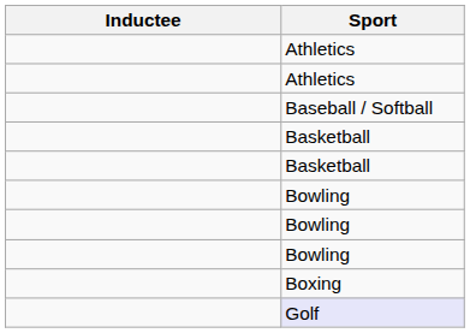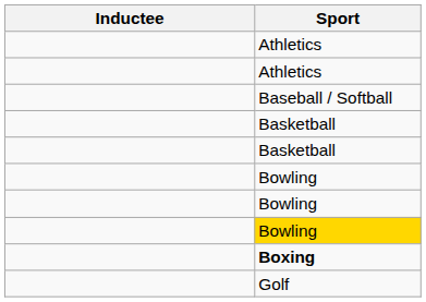 <table class="wikitable sortable" style="font-size: 95%" width=30%>
 <tr>
 <th width=60%>Inductee</th>
 <th width=40%>Sport</th>
 </tr>
 <tr>
 <td></td>
 <td>Athletics</td>
 </tr>
 <tr>
 <td></td>
 <td>Athletics</td>
 </tr>
 <tr>
 <td></td>
 <td>Baseball / Softball</td>
 </tr>
 <tr>
 <td></td>
 <td>Basketball</td>
 </tr>
 <tr>
 <td></td>
 <td>Basketball</td>
 </tr>
 <tr>
 <td></td>
 <td>Bowling</td>
 </tr>
 <tr>
 <td></td>
 <td>Bowling</td>
 </tr>
 <tr>
 <td></td>
-<td>Bowling</td>
+<td style="background: gold;">Bowling</td>
 </tr>
 <tr>
 <td></td>
-<td>Boxing</td>
+<td><strong>Boxing</strong></td>
 </tr>
 <tr>
 <td></td>
-<td style="background: lavender;">Golf</td>
+<td>Golf</td>
 </tr>
 </table>
